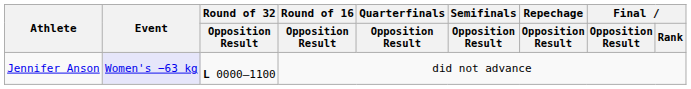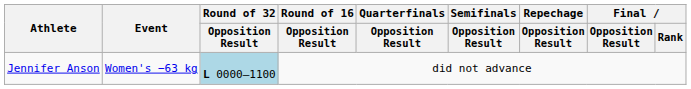 <table class="wikitable" style="font-size:90%">
 <tr>
 <th rowspan=2>Athlete</th>
 <th rowspan=2>Event</th>
 <th>Round of 32</th>
 <th>Round of 16</th>
 <th>Quarterfinals</th>
 <th>Semifinals</th>
 <th>Repechage</th>
 <th colspan=2>Final / </th>
 </tr>
 <tr style="font-size:95%">
 <th>Opposition<br>Result</th>
 <th>Opposition<br>Result</th>
 <th>Opposition<br>Result</th>
 <th>Opposition<br>Result</th>
 <th>Opposition<br>Result</th>
 <th>Opposition<br>Result</th>
 <th>Rank</th>
 </tr>
 <tr align=center>
 <td align=left><a href='#'>Jennifer Anson</a></td>
-<td align=left style="background: lavender;"><a href='#'>Women's −63 kg</a></td>
-<td><br><strong>L</strong> 0000–1100</td>
+<td align=left><a href='#'>Women's −63 kg</a></td>
+<td style="background: lightblue;"><br><strong>L</strong> 0000–1100</td>
 <td colspan=6>did not advance</td>
 </tr>
 </table>
